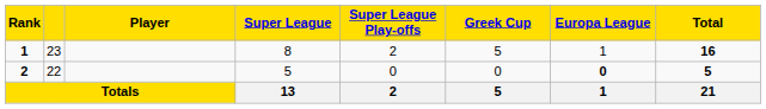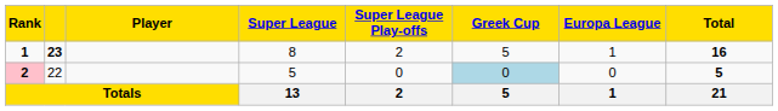 <table class="wikitable sortable" style="text-align:center">
 <tr>
 <th style="background:#FFDE00">Rank</th>
 <th style="background:#FFDE00"></th>
 <th width=200 style="background:#FFDE00">Player</th>
 <th width=120 style="background:#FFDE00"><a href='#'>Super League</a></th>
 <th width=120 style="background:#FFDE00"><a href='#'>Super League Play-offs</a></th>
 <th width=120 style="background:#FFDE00"><a href='#'>Greek Cup</a></th>
 <th width=120 style="background:#FFDE00"><a href='#'>Europa League</a></th>
 <th width=120 style="background:#FFDE00">Total</th>
 </tr>
 <tr>
 <td><strong>1</strong></td>
-<td>23</td>
+<td><strong>23</strong></td>
 <td align=left></td>
 <td>8</td>
 <td>2</td>
 <td>5</td>
 <td>1</td>
 <td><strong>16</strong></td>
 </tr>
 <tr>
-<td><strong>2</strong></td>
+<td style="background: pink;"><strong>2</strong></td>
 <td>22</td>
 <td align=left></td>
 <td>5</td>
 <td>0</td>
+<td style="background: lightblue;">0</td>
 <td>0</td>
-<td><strong>0</strong></td>
 <td><strong>5</strong></td>
 </tr>
 <tr class="sortbottom">
 <th colspan=3 style="background:#FFDE00"><strong>Totals</strong></th>
 <th><strong>13</strong></th>
 <th><strong> 2</strong></th>
 <th><strong> 5</strong></th>
 <th><strong> 1</strong></th>
 <th><strong>21</strong></th>
 </tr>
 </table>
